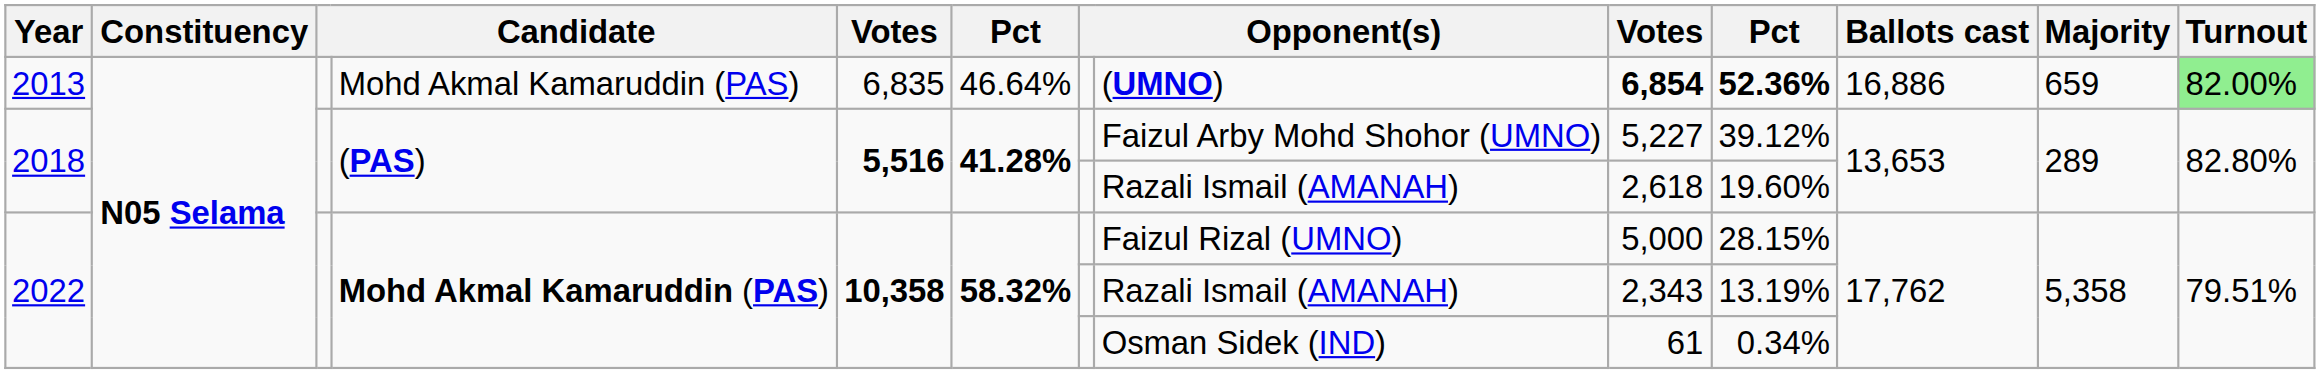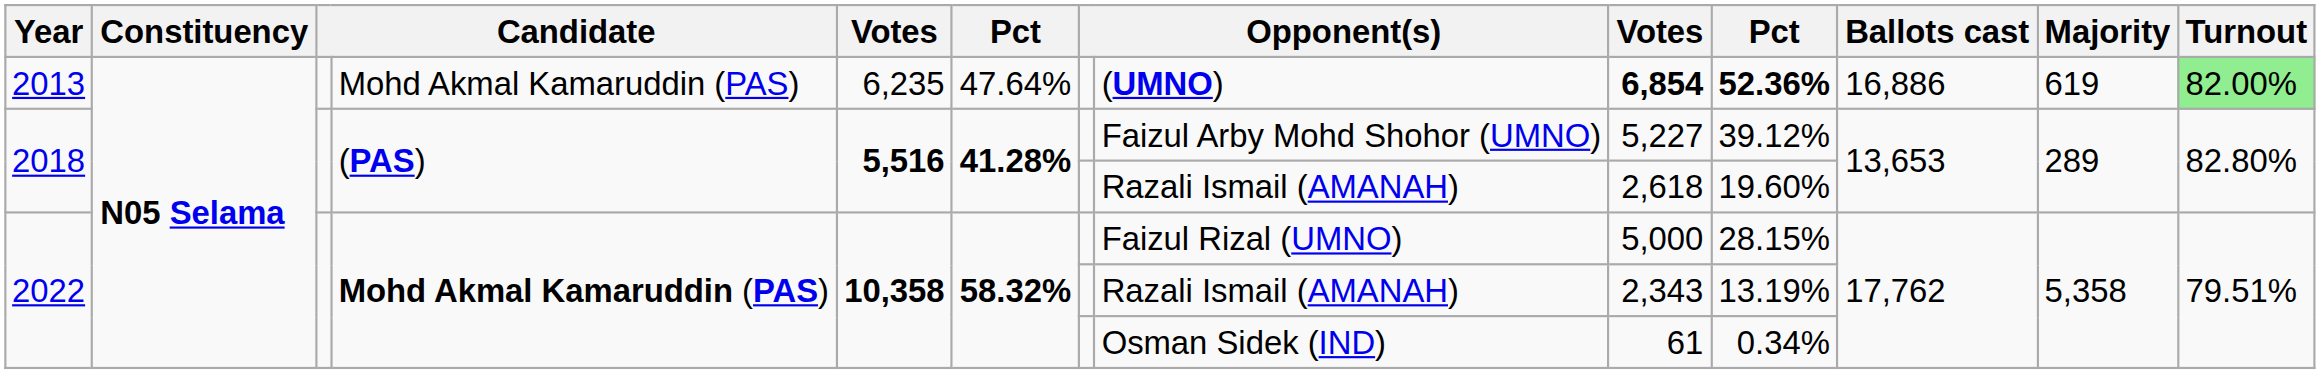 <table class="wikitable" style="margin:0.5em ; font-size:95%">
 <tr>
 <th>Year</th>
 <th>Constituency</th>
 <th colspan=2>Candidate</th>
 <th>Votes</th>
 <th>Pct</th>
 <th colspan=2>Opponent(s)</th>
 <th>Votes</th>
 <th>Pct</th>
 <th>Ballots cast</th>
 <th>Majority</th>
 <th>Turnout</th>
 </tr>
 <tr>
 <td><a href='#'>2013</a></td>
 <td rowspan=6><strong>N05 <a href='#'>Selama</a></strong></td>
 <td></td>
 <td>Mohd Akmal Kamaruddin (<a href='#'>PAS</a>)</td>
-<td align="right">6,835</td>
-<td>46.64%</td>
+<td align="right">6,235</td>
+<td>47.64%</td>
 <td></td>
 <td> (<a href='#'><strong>UMNO</strong></a>)</td>
 <td align="right"><strong>6,854</strong></td>
 <td><strong>52.36%</strong></td>
 <td>16,886</td>
-<td>659</td>
+<td>619</td>
 <td style="background: lightgreen;">82.00%</td>
 </tr>
 <tr>
 <td rowspan=2><a href='#'>2018</a></td>
 <td rowspan=2 ></td>
 <td rowspan=2> (<a href='#'><strong>PAS</strong></a>)</td>
 <td rowspan=2 align="right"><strong>5,516</strong></td>
 <td rowspan=2><strong>41.28%</strong></td>
 <td></td>
 <td>Faizul Arby Mohd Shohor (<a href='#'>UMNO</a>)</td>
 <td align="right">5,227</td>
 <td>39.12%</td>
 <td rowspan=2>13,653</td>
 <td rowspan=2>289</td>
 <td rowspan=2>82.80%</td>
 </tr>
 <tr>
 <td></td>
 <td>Razali Ismail (<a href='#'>AMANAH</a>)</td>
 <td align="right">2,618</td>
 <td>19.60%</td>
 </tr>
 <tr>
 <td rowspan=3><a href='#'>2022</a></td>
 <td rowspan=3></td>
 <td rowspan=3><strong>Mohd Akmal Kamaruddin</strong> (<a href='#'><strong>PAS</strong></a>)</td>
 <td rowspan=3 align="right"><strong>10,358</strong></td>
 <td rowspan=3><strong>58.32%</strong></td>
 <td></td>
 <td>Faizul Rizal (<a href='#'>UMNO</a>)</td>
 <td align="right">5,000</td>
 <td>28.15%</td>
 <td rowspan=3>17,762</td>
 <td rowspan=3>5,358</td>
 <td rowspan=3>79.51%</td>
 </tr>
 <tr>
 <td></td>
 <td>Razali Ismail (<a href='#'>AMANAH</a>)</td>
 <td align="right">2,343</td>
 <td>13.19%</td>
 </tr>
 <tr>
 <td></td>
 <td>Osman Sidek (<a href='#'>IND</a>)</td>
 <td align="right">61</td>
 <td align="right">0.34%</td>
 </tr>
 </table>
